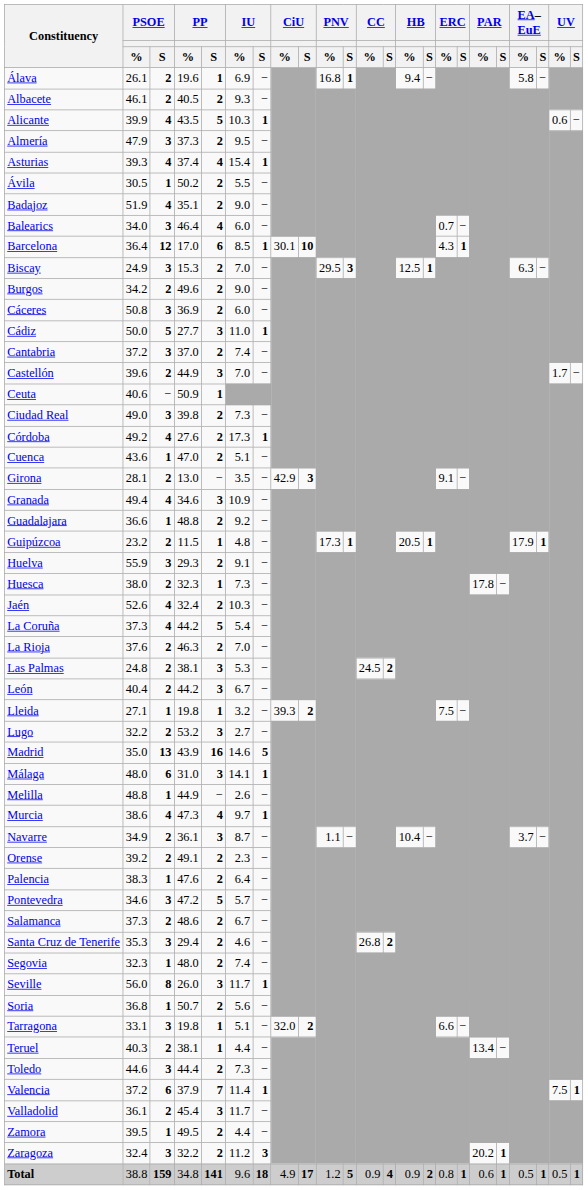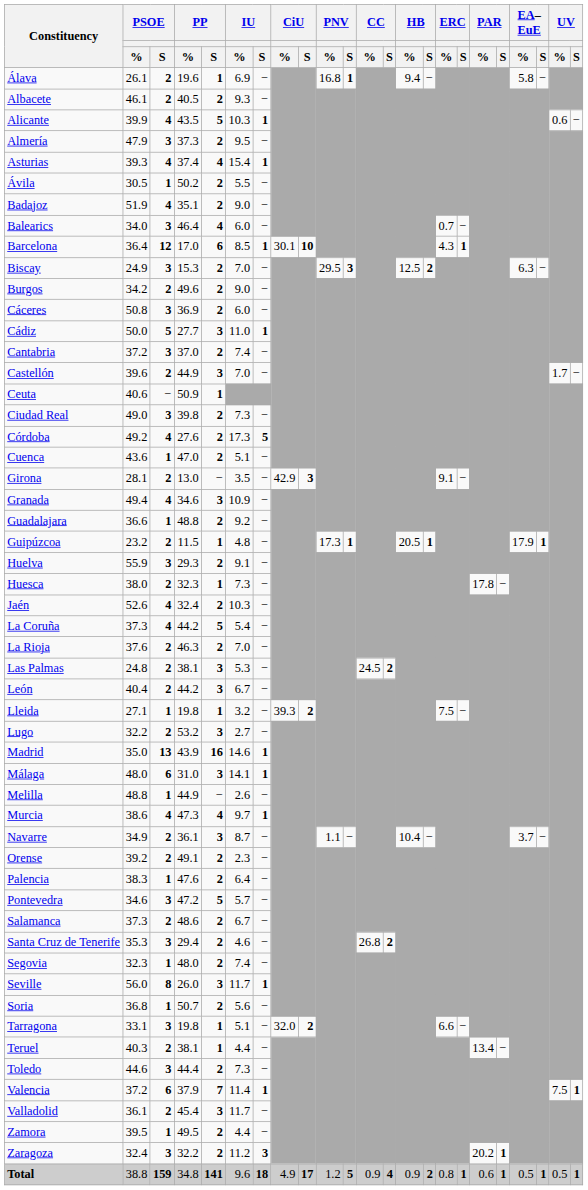 <table class="wikitable sortable" style="text-align:right; line-height:20px;">
 <tr>
 <th rowspan="3">Constituency</th>
 <th colspan="2" width="30px" class="unsortable"><a href='#'>PSOE</a></th>
 <th colspan="2" width="30px" class="unsortable"><a href='#'>PP</a></th>
 <th colspan="2" width="30px" class="unsortable"><a href='#'>IU</a></th>
 <th colspan="2" width="30px" class="unsortable"><a href='#'>CiU</a></th>
 <th colspan="2" width="30px" class="unsortable"><a href='#'>PNV</a></th>
 <th colspan="2" width="30px" class="unsortable"><a href='#'>CC</a></th>
 <th colspan="2" width="30px" class="unsortable"><a href='#'>HB</a></th>
 <th colspan="2" width="30px" class="unsortable"><a href='#'>ERC</a></th>
 <th colspan="2" width="30px" class="unsortable"><a href='#'>PAR</a></th>
 <th colspan="2" width="30px" class="unsortable"><a href='#'>EA</a>–<a href='#'>EuE</a></th>
 <th colspan="2" width="30px" class="unsortable"><a href='#'>UV</a></th>
 </tr>
 <tr>
 <th colspan="2" style="background:"></th>
 <th colspan="2" style="background:"></th>
 <th colspan="2" style="background:"></th>
 <th colspan="2" style="background:"></th>
 <th colspan="2" style="background:"></th>
 <th colspan="2" style="background:"></th>
 <th colspan="2" style="background:"></th>
 <th colspan="2" style="background:"></th>
 <th colspan="2" style="background:"></th>
 <th colspan="2" style="background:"></th>
 <th colspan="2" style="background:"></th>
 </tr>
 <tr>
 <th data-sort-type="number">%</th>
 <th data-sort-type="number">S</th>
 <th data-sort-type="number">%</th>
 <th data-sort-type="number">S</th>
 <th data-sort-type="number">%</th>
 <th data-sort-type="number">S</th>
 <th data-sort-type="number">%</th>
 <th data-sort-type="number">S</th>
 <th data-sort-type="number">%</th>
 <th data-sort-type="number">S</th>
 <th data-sort-type="number">%</th>
 <th data-sort-type="number">S</th>
 <th data-sort-type="number">%</th>
 <th data-sort-type="number">S</th>
 <th data-sort-type="number">%</th>
 <th data-sort-type="number">S</th>
 <th data-sort-type="number">%</th>
 <th data-sort-type="number">S</th>
 <th data-sort-type="number">%</th>
 <th data-sort-type="number">S</th>
 <th data-sort-type="number">%</th>
 <th data-sort-type="number">S</th>
 </tr>
 <tr>
 <td align="left"><a href='#'>Álava</a></td>
 <td style="background:">26.1</td>
 <td><strong>2</strong></td>
 <td>19.6</td>
 <td><strong>1</strong></td>
 <td>6.9</td>
 <td>−</td>
 <td colspan="2" rowspan="8" bgcolor="#AAAAAA"></td>
 <td>16.8</td>
 <td><strong>1</strong></td>
 <td colspan="2" rowspan="28" bgcolor="#AAAAAA"></td>
 <td>9.4</td>
 <td>−</td>
 <td colspan="2" rowspan="7" bgcolor="#AAAAAA"></td>
 <td colspan="2" rowspan="24" bgcolor="#AAAAAA"></td>
 <td>5.8</td>
 <td>−</td>
 <td colspan="2" rowspan="2" bgcolor="#AAAAAA"></td>
 </tr>
 <tr>
 <td align="left"><a href='#'>Albacete</a></td>
 <td style="background:">46.1</td>
 <td><strong>2</strong></td>
 <td>40.5</td>
 <td><strong>2</strong></td>
 <td>9.3</td>
 <td>−</td>
 <td colspan="2" rowspan="8" bgcolor="#AAAAAA"></td>
 <td colspan="2" rowspan="8" bgcolor="#AAAAAA"></td>
 <td colspan="2" rowspan="8" bgcolor="#AAAAAA"></td>
 </tr>
 <tr>
 <td align="left"><a href='#'>Alicante</a></td>
 <td>39.9</td>
 <td><strong>4</strong></td>
 <td style="background:">43.5</td>
 <td><strong>5</strong></td>
 <td>10.3</td>
 <td><strong>1</strong></td>
 <td>0.6</td>
 <td>−</td>
 </tr>
 <tr>
 <td align="left"><a href='#'>Almería</a></td>
 <td style="background:">47.9</td>
 <td><strong>3</strong></td>
 <td>37.3</td>
 <td><strong>2</strong></td>
 <td>9.5</td>
 <td>−</td>
 <td colspan="2" rowspan="11" bgcolor="#AAAAAA"></td>
 </tr>
 <tr>
 <td align="left"><a href='#'>Asturias</a></td>
 <td style="background:">39.3</td>
 <td><strong>4</strong></td>
 <td>37.4</td>
 <td><strong>4</strong></td>
 <td>15.4</td>
 <td><strong>1</strong></td>
 </tr>
 <tr>
 <td align="left"><a href='#'>Ávila</a></td>
 <td>30.5</td>
 <td><strong>1</strong></td>
 <td style="background:">50.2</td>
 <td><strong>2</strong></td>
 <td>5.5</td>
 <td>−</td>
 </tr>
 <tr>
 <td align="left"><a href='#'>Badajoz</a></td>
 <td style="background:">51.9</td>
 <td><strong>4</strong></td>
 <td>35.1</td>
 <td><strong>2</strong></td>
 <td>9.0</td>
 <td>−</td>
 </tr>
 <tr>
 <td align="left"><a href='#'>Balearics</a></td>
 <td>34.0</td>
 <td><strong>3</strong></td>
 <td style="background:">46.4</td>
 <td><strong>4</strong></td>
 <td>6.0</td>
 <td>−</td>
 <td>0.7</td>
 <td>−</td>
 </tr>
 <tr>
 <td align="left"><a href='#'>Barcelona</a></td>
 <td style="background:">36.4</td>
 <td><strong>12</strong></td>
 <td>17.0</td>
 <td><strong>6</strong></td>
 <td>8.5</td>
 <td><strong>1</strong></td>
 <td>30.1</td>
 <td><strong>10</strong></td>
 <td>4.3</td>
 <td><strong>1</strong></td>
 </tr>
 <tr>
 <td align="left"><a href='#'>Biscay</a></td>
 <td>24.9</td>
 <td><strong>3</strong></td>
 <td>15.3</td>
 <td><strong>2</strong></td>
 <td>7.0</td>
 <td>−</td>
 <td colspan="2" rowspan="10" bgcolor="#AAAAAA"></td>
 <td style="background:">29.5</td>
 <td><strong>3</strong></td>
 <td>12.5</td>
-<td><strong>1</strong></td>
+<td><strong>2</strong></td>
 <td colspan="2" rowspan="10" bgcolor="#AAAAAA"></td>
 <td>6.3</td>
 <td>−</td>
 </tr>
 <tr>
 <td align="left"><a href='#'>Burgos</a></td>
 <td>34.2</td>
 <td><strong>2</strong></td>
 <td style="background:">49.6</td>
 <td><strong>2</strong></td>
 <td>9.0</td>
 <td>−</td>
 <td colspan="2" rowspan="12" bgcolor="#AAAAAA"></td>
 <td colspan="2" rowspan="12" bgcolor="#AAAAAA"></td>
 <td colspan="2" rowspan="12" bgcolor="#AAAAAA"></td>
 </tr>
 <tr>
 <td align="left"><a href='#'>Cáceres</a></td>
 <td style="background:">50.8</td>
 <td><strong>3</strong></td>
 <td>36.9</td>
 <td><strong>2</strong></td>
 <td>6.0</td>
 <td>−</td>
 </tr>
 <tr>
 <td align="left"><a href='#'>Cádiz</a></td>
 <td style="background:">50.0</td>
 <td><strong>5</strong></td>
 <td>27.7</td>
 <td><strong>3</strong></td>
 <td>11.0</td>
 <td><strong>1</strong></td>
 </tr>
 <tr>
 <td align="left"><a href='#'>Cantabria</a></td>
 <td style="background:">37.2</td>
 <td><strong>3</strong></td>
 <td>37.0</td>
 <td><strong>2</strong></td>
 <td>7.4</td>
 <td>−</td>
 </tr>
 <tr>
 <td align="left"><a href='#'>Castellón</a></td>
 <td>39.6</td>
 <td><strong>2</strong></td>
 <td style="background:">44.9</td>
 <td><strong>3</strong></td>
 <td>7.0</td>
 <td>−</td>
 <td>1.7</td>
 <td>−</td>
 </tr>
 <tr>
 <td align="left"><a href='#'>Ceuta</a></td>
 <td>40.6</td>
 <td>−</td>
 <td style="background:">50.9</td>
 <td><strong>1</strong></td>
 <td colspan="2" bgcolor="#AAAAAA"></td>
 <td colspan="2" rowspan="33" bgcolor="#AAAAAA"></td>
 </tr>
 <tr>
 <td align="left"><a href='#'>Ciudad Real</a></td>
 <td style="background:">49.0</td>
 <td><strong>3</strong></td>
 <td>39.8</td>
 <td><strong>2</strong></td>
 <td>7.3</td>
 <td>−</td>
 </tr>
 <tr>
 <td align="left"><a href='#'>Córdoba</a></td>
 <td style="background:">49.2</td>
 <td><strong>4</strong></td>
 <td>27.6</td>
 <td><strong>2</strong></td>
 <td>17.3</td>
-<td><strong>1</strong></td>
+<td><strong>5</strong></td>
 </tr>
 <tr>
 <td align="left"><a href='#'>Cuenca</a></td>
 <td>43.6</td>
 <td><strong>1</strong></td>
 <td style="background:">47.0</td>
 <td><strong>2</strong></td>
 <td>5.1</td>
 <td>−</td>
 </tr>
 <tr>
 <td align="left"><a href='#'>Girona</a></td>
 <td>28.1</td>
 <td><strong>2</strong></td>
 <td>13.0</td>
 <td>−</td>
 <td>3.5</td>
 <td>−</td>
 <td style="background:">42.9</td>
 <td><strong>3</strong></td>
 <td>9.1</td>
 <td>−</td>
 </tr>
 <tr>
 <td align="left"><a href='#'>Granada</a></td>
 <td style="background:">49.4</td>
 <td><strong>4</strong></td>
 <td>34.6</td>
 <td><strong>3</strong></td>
 <td>10.9</td>
 <td>−</td>
 <td colspan="2" rowspan="10" bgcolor="#AAAAAA"></td>
 <td colspan="2" rowspan="10" bgcolor="#AAAAAA"></td>
 </tr>
 <tr>
 <td align="left"><a href='#'>Guadalajara</a></td>
 <td>36.6</td>
 <td><strong>1</strong></td>
 <td style="background:">48.8</td>
 <td><strong>2</strong></td>
 <td>9.2</td>
 <td>−</td>
 </tr>
 <tr>
 <td align="left"><a href='#'>Guipúzcoa</a></td>
 <td style="background:">23.2</td>
 <td><strong>2</strong></td>
 <td>11.5</td>
 <td><strong>1</strong></td>
 <td>4.8</td>
 <td>−</td>
 <td>17.3</td>
 <td><strong>1</strong></td>
 <td>20.5</td>
 <td><strong>1</strong></td>
 <td>17.9</td>
 <td><strong>1</strong></td>
 </tr>
 <tr>
 <td align="left"><a href='#'>Huelva</a></td>
 <td style="background:">55.9</td>
 <td><strong>3</strong></td>
 <td>29.3</td>
 <td><strong>2</strong></td>
 <td>9.1</td>
 <td>−</td>
 <td colspan="2" rowspan="13" bgcolor="#AAAAAA"></td>
 <td colspan="2" rowspan="13" bgcolor="#AAAAAA"></td>
 <td colspan="2" rowspan="13" bgcolor="#AAAAAA"></td>
 </tr>
 <tr>
 <td align="left"><a href='#'>Huesca</a></td>
 <td style="background:">38.0</td>
 <td><strong>2</strong></td>
 <td>32.3</td>
 <td><strong>1</strong></td>
 <td>7.3</td>
 <td>−</td>
 <td>17.8</td>
 <td>−</td>
 </tr>
 <tr>
 <td align="left"><a href='#'>Jaén</a></td>
 <td style="background:">52.6</td>
 <td><strong>4</strong></td>
 <td>32.4</td>
 <td><strong>2</strong></td>
 <td>10.3</td>
 <td>−</td>
 <td colspan="2" rowspan="21" bgcolor="#AAAAAA"></td>
 </tr>
 <tr>
 <td align="left"><a href='#'>La Coruña</a></td>
 <td>37.3</td>
 <td><strong>4</strong></td>
 <td style="background:">44.2</td>
 <td><strong>5</strong></td>
 <td>5.4</td>
 <td>−</td>
 </tr>
 <tr>
 <td align="left"><a href='#'>La Rioja</a></td>
 <td>37.6</td>
 <td><strong>2</strong></td>
 <td style="background:">46.3</td>
 <td><strong>2</strong></td>
 <td>7.0</td>
 <td>−</td>
 </tr>
 <tr>
 <td align="left"><a href='#'>Las Palmas</a></td>
 <td>24.8</td>
 <td><strong>2</strong></td>
 <td style="background:">38.1</td>
 <td><strong>3</strong></td>
 <td>5.3</td>
 <td>−</td>
 <td>24.5</td>
 <td><strong>2</strong></td>
 </tr>
 <tr>
 <td align="left"><a href='#'>León</a></td>
 <td>40.4</td>
 <td><strong>2</strong></td>
 <td style="background:">44.2</td>
 <td><strong>3</strong></td>
 <td>6.7</td>
 <td>−</td>
 <td colspan="2" rowspan="12" bgcolor="#AAAAAA"></td>
 </tr>
 <tr>
 <td align="left"><a href='#'>Lleida</a></td>
 <td>27.1</td>
 <td><strong>1</strong></td>
 <td>19.8</td>
 <td><strong>1</strong></td>
 <td>3.2</td>
 <td>−</td>
 <td style="background:">39.3</td>
 <td><strong>2</strong></td>
 <td>7.5</td>
 <td>−</td>
 </tr>
 <tr>
 <td align="left"><a href='#'>Lugo</a></td>
 <td>32.2</td>
 <td><strong>2</strong></td>
 <td style="background:">53.2</td>
 <td><strong>3</strong></td>
 <td>2.7</td>
 <td>−</td>
 <td colspan="2" rowspan="14" bgcolor="#AAAAAA"></td>
 <td colspan="2" rowspan="14" bgcolor="#AAAAAA"></td>
 </tr>
 <tr>
 <td align="left"><a href='#'>Madrid</a></td>
 <td>35.0</td>
 <td><strong>13</strong></td>
 <td style="background:">43.9</td>
 <td><strong>16</strong></td>
 <td>14.6</td>
-<td><strong>5</strong></td>
+<td><strong>1</strong></td>
 </tr>
 <tr>
 <td align="left"><a href='#'>Málaga</a></td>
 <td style="background:">48.0</td>
 <td><strong>6</strong></td>
 <td>31.0</td>
 <td><strong>3</strong></td>
 <td>14.1</td>
 <td><strong>1</strong></td>
 </tr>
 <tr>
 <td align="left"><a href='#'>Melilla</a></td>
 <td style="background:">48.8</td>
 <td><strong>1</strong></td>
 <td>44.9</td>
 <td>−</td>
 <td>2.6</td>
 <td>−</td>
 </tr>
 <tr>
 <td align="left"><a href='#'>Murcia</a></td>
 <td>38.6</td>
 <td><strong>4</strong></td>
 <td style="background:">47.3</td>
 <td><strong>4</strong></td>
 <td>9.7</td>
 <td><strong>1</strong></td>
 </tr>
 <tr>
 <td align="left"><a href='#'>Navarre</a></td>
 <td>34.9</td>
 <td><strong>2</strong></td>
 <td style="background:">36.1</td>
 <td><strong>3</strong></td>
 <td>8.7</td>
 <td>−</td>
 <td>1.1</td>
 <td>−</td>
 <td>10.4</td>
 <td>−</td>
 <td>3.7</td>
 <td>−</td>
 </tr>
 <tr>
 <td align="left"><a href='#'>Orense</a></td>
 <td>39.2</td>
 <td><strong>2</strong></td>
 <td style="background:">49.1</td>
 <td><strong>2</strong></td>
 <td>2.3</td>
 <td>−</td>
 <td colspan="2" rowspan="15" bgcolor="#AAAAAA"></td>
 <td colspan="2" rowspan="15" bgcolor="#AAAAAA"></td>
 <td colspan="2" rowspan="15" bgcolor="#AAAAAA"></td>
 </tr>
 <tr>
 <td align="left"><a href='#'>Palencia</a></td>
 <td>38.3</td>
 <td><strong>1</strong></td>
 <td style="background:">47.6</td>
 <td><strong>2</strong></td>
 <td>6.4</td>
 <td>−</td>
 </tr>
 <tr>
 <td align="left"><a href='#'>Pontevedra</a></td>
 <td>34.6</td>
 <td><strong>3</strong></td>
 <td style="background:">47.2</td>
 <td><strong>5</strong></td>
 <td>5.7</td>
 <td>−</td>
 </tr>
 <tr>
 <td align="left"><a href='#'>Salamanca</a></td>
 <td>37.3</td>
 <td><strong>2</strong></td>
 <td style="background:">48.6</td>
 <td><strong>2</strong></td>
 <td>6.7</td>
 <td>−</td>
 </tr>
 <tr>
 <td align="left"><a href='#'>Santa Cruz de Tenerife</a></td>
 <td style="background:">35.3</td>
 <td><strong>3</strong></td>
 <td>29.4</td>
 <td><strong>2</strong></td>
 <td>4.6</td>
 <td>−</td>
 <td>26.8</td>
 <td><strong>2</strong></td>
 </tr>
 <tr>
 <td align="left"><a href='#'>Segovia</a></td>
 <td>32.3</td>
 <td><strong>1</strong></td>
 <td style="background:">48.0</td>
 <td><strong>2</strong></td>
 <td>7.4</td>
 <td>−</td>
 <td colspan="2" rowspan="10" bgcolor="#AAAAAA"></td>
 </tr>
 <tr>
 <td align="left"><a href='#'>Seville</a></td>
 <td style="background:">56.0</td>
 <td><strong>8</strong></td>
 <td>26.0</td>
 <td><strong>3</strong></td>
 <td>11.7</td>
 <td><strong>1</strong></td>
 </tr>
 <tr>
 <td align="left"><a href='#'>Soria</a></td>
 <td>36.8</td>
 <td><strong>1</strong></td>
 <td style="background:">50.7</td>
 <td><strong>2</strong></td>
 <td>5.6</td>
 <td>−</td>
 </tr>
 <tr>
 <td align="left"><a href='#'>Tarragona</a></td>
 <td style="background:">33.1</td>
 <td><strong>3</strong></td>
 <td>19.8</td>
 <td><strong>1</strong></td>
 <td>5.1</td>
 <td>−</td>
 <td>32.0</td>
 <td><strong>2</strong></td>
 <td>6.6</td>
 <td>−</td>
 </tr>
 <tr>
 <td align="left"><a href='#'>Teruel</a></td>
 <td style="background:">40.3</td>
 <td><strong>2</strong></td>
 <td>38.1</td>
 <td><strong>1</strong></td>
 <td>4.4</td>
 <td>−</td>
 <td colspan="2" rowspan="6" bgcolor="#AAAAAA"></td>
 <td colspan="2" rowspan="6" bgcolor="#AAAAAA"></td>
 <td>13.4</td>
 <td>−</td>
 </tr>
 <tr>
 <td align="left"><a href='#'>Toledo</a></td>
 <td style="background:">44.6</td>
 <td><strong>3</strong></td>
 <td>44.4</td>
 <td><strong>2</strong></td>
 <td>7.3</td>
 <td>−</td>
 <td colspan="2" rowspan="4" bgcolor="#AAAAAA"></td>
 </tr>
 <tr>
 <td align="left"><a href='#'>Valencia</a></td>
 <td>37.2</td>
 <td><strong>6</strong></td>
 <td style="background:">37.9</td>
 <td><strong>7</strong></td>
 <td>11.4</td>
 <td><strong>1</strong></td>
 <td>7.5</td>
 <td><strong>1</strong></td>
 </tr>
 <tr>
 <td align="left"><a href='#'>Valladolid</a></td>
 <td>36.1</td>
 <td><strong>2</strong></td>
 <td style="background:">45.4</td>
 <td><strong>3</strong></td>
 <td>11.7</td>
 <td>−</td>
 <td colspan="2" rowspan="3" bgcolor="#AAAAAA"></td>
 </tr>
 <tr>
 <td align="left"><a href='#'>Zamora</a></td>
 <td>39.5</td>
 <td><strong>1</strong></td>
 <td style="background:">49.5</td>
 <td><strong>2</strong></td>
 <td>4.4</td>
 <td>−</td>
 </tr>
 <tr>
 <td align="left"><a href='#'>Zaragoza</a></td>
 <td style="background:">32.4</td>
 <td><strong>3</strong></td>
 <td>32.2</td>
 <td><strong>2</strong></td>
 <td>11.2</td>
 <td><strong>3</strong></td>
 <td>20.2</td>
 <td><strong>1</strong></td>
 </tr>
 <tr style="background:#CDCDCD;">
 <td align="left"><strong>Total</strong></td>
 <td style="background:">38.8</td>
 <td><strong>159</strong></td>
 <td>34.8</td>
 <td><strong>141</strong></td>
 <td>9.6</td>
 <td><strong>18</strong></td>
 <td>4.9</td>
 <td><strong>17</strong></td>
 <td>1.2</td>
 <td><strong>5</strong></td>
 <td>0.9</td>
 <td><strong>4</strong></td>
 <td>0.9</td>
 <td><strong>2</strong></td>
 <td>0.8</td>
 <td><strong>1</strong></td>
 <td>0.6</td>
 <td><strong>1</strong></td>
 <td>0.5</td>
 <td><strong>1</strong></td>
 <td>0.5</td>
 <td><strong>1</strong></td>
 </tr>
 </table>
